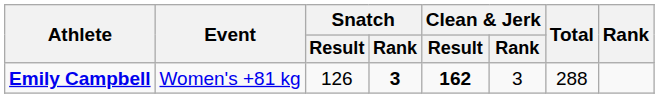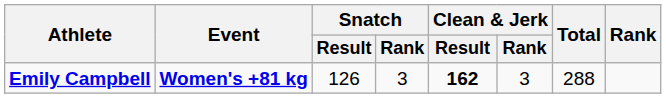 <table class=wikitable style=font-size:90%;text-align:center>
 <tr>
 <th rowspan=2>Athlete</th>
 <th rowspan=2>Event</th>
 <th colspan=2>Snatch</th>
 <th colspan=2>Clean & Jerk</th>
 <th rowspan=2>Total</th>
 <th rowspan=2>Rank</th>
 </tr>
 <tr style=font-size:95%>
 <th>Result</th>
 <th>Rank</th>
 <th>Result</th>
 <th>Rank</th>
 </tr>
 <tr>
 <td align=left><strong><a href='#'>Emily Campbell</a></strong></td>
-<td align=left><a href='#'>Women's +81 kg</a></td>
+<td align=left><strong><a href='#'>Women's +81 kg</a></strong></td>
 <td>126</td>
-<td><strong>3</strong></td>
+<td>3</td>
 <td><strong>162</strong></td>
 <td>3</td>
 <td>288</td>
 <td></td>
 </tr>
 </table>
